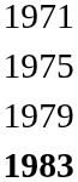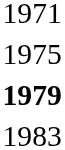 <table>
 <tr>
 <td>1971</td>
 <td></td>
 <td></td>
 <td></td>
 </tr>
 <tr>
 <td>1975</td>
 <td></td>
 <td></td>
 <td></td>
 </tr>
 <tr>
-<td>1979</td>
+<td><strong>1979</strong></td>
 <td></td>
 <td></td>
 <td></td>
 </tr>
 <tr>
-<td><strong>1983</strong></td>
+<td>1983</td>
 <td></td>
 <td></td>
 <td></td>
 </tr>
 </table>
